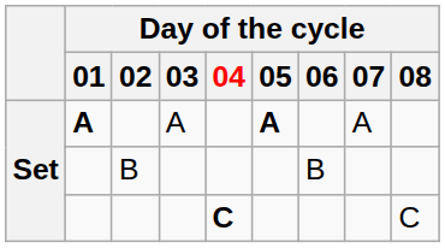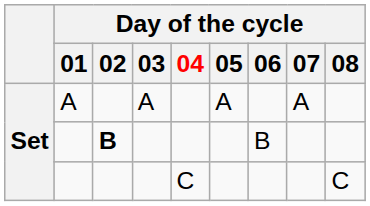 <table class="wikitable">
 <tr>
 <th rowspan="2"></th>
 <th colspan="8">Day of the cycle</th>
 </tr>
 <tr>
 <th>01</th>
 <th>02</th>
 <th>03</th>
 <th style="color:red;">04</th>
 <th>05</th>
 <th>06</th>
 <th>07</th>
 <th>08</th>
 </tr>
 <tr>
 <th rowspan="3">Set</th>
-<td><strong>A</strong></td>
+<td>A</td>
 <td></td>
 <td>A</td>
 <td></td>
-<td><strong>A</strong></td>
+<td>A</td>
 <td></td>
 <td>A</td>
 <td></td>
 </tr>
 <tr>
 <td></td>
-<td>B</td>
+<td><strong>B</strong></td>
 <td></td>
 <td></td>
 <td></td>
 <td>B</td>
 <td></td>
 <td></td>
 </tr>
 <tr>
 <td></td>
 <td></td>
 <td></td>
-<td><strong>C</strong></td>
+<td>C</td>
 <td></td>
 <td></td>
 <td></td>
 <td>C</td>
 </tr>
 </table>
